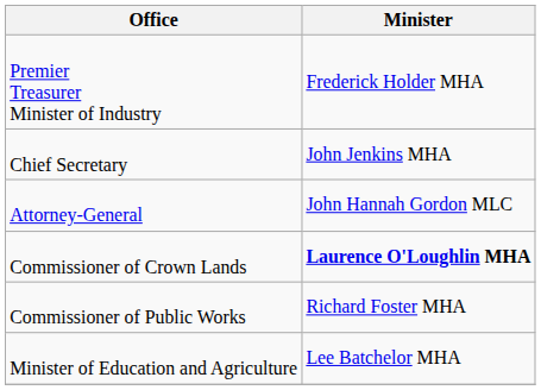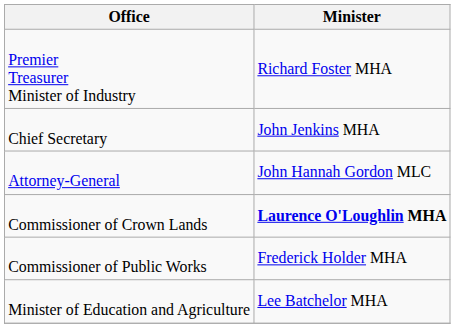 <table class="wikitable">
 <tr>
 <th>Office</th>
 <th>Minister</th>
 </tr>
 <tr>
 <td><br><a href='#'>Premier</a><br> <a href='#'>Treasurer</a><br> Minister of Industry</td>
-<td><a href='#'>Frederick Holder</a> MHA</td>
+<td><a href='#'>Richard Foster</a> MHA</td>
 </tr>
 <tr>
 <td><br>Chief Secretary</td>
 <td><a href='#'>John Jenkins</a> MHA</td>
 </tr>
 <tr>
 <td><br><a href='#'>Attorney-General</a><br></td>
 <td><a href='#'>John Hannah Gordon</a> MLC</td>
 </tr>
 <tr>
 <td><br>Commissioner of Crown Lands<br></td>
 <td><strong><a href='#'>Laurence O'Loughlin</a> MHA</strong></td>
 </tr>
 <tr>
 <td><br>Commissioner of Public Works<br></td>
-<td><a href='#'>Richard Foster</a> MHA</td>
+<td><a href='#'>Frederick Holder</a> MHA</td>
 </tr>
 <tr>
 <td><br>Minister of Education and Agriculture<br></td>
 <td><a href='#'>Lee Batchelor</a> MHA </td>
 </tr>
 <tr>
 </tr>
 </table>
